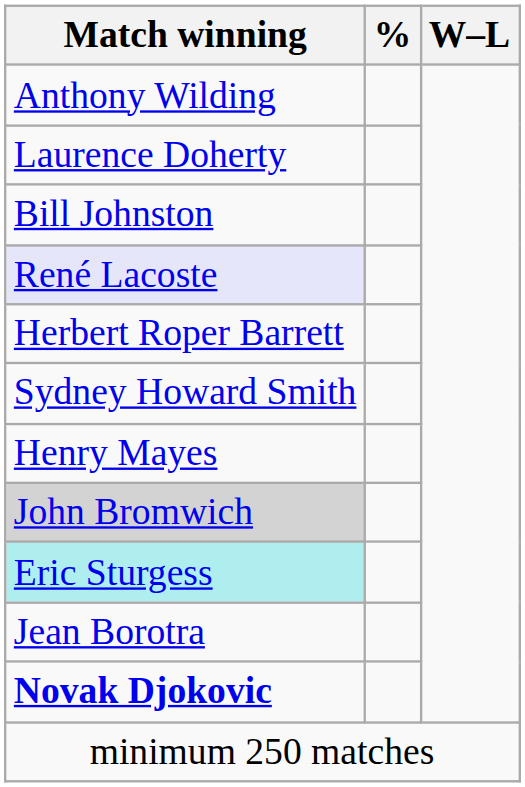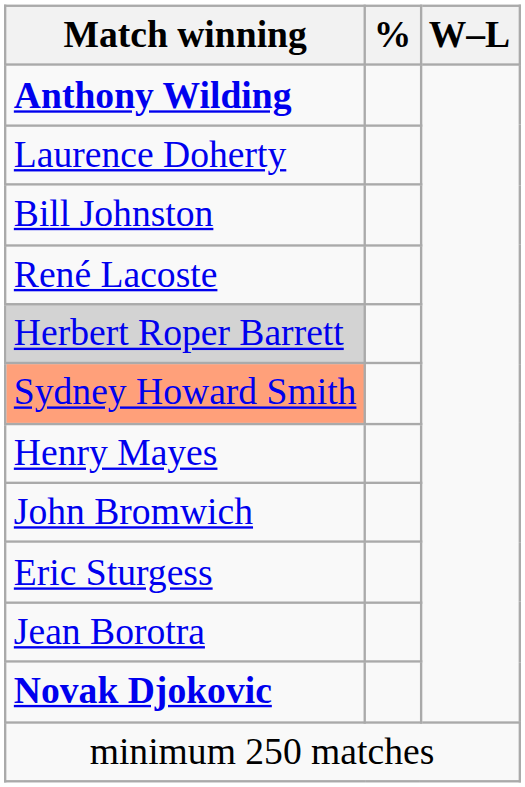 <table class=wikitable style="display:inline-table;">
 <tr>
 <th>Match winning</th>
 <th>%</th>
 <th>W–L</th>
 </tr>
 <tr>
-<td> <a href='#'>Anthony Wilding</a></td>
+<td><strong> <a href='#'>Anthony Wilding</a></strong></td>
 <td></td>
 </tr>
 <tr>
 <td> <a href='#'>Laurence Doherty</a></td>
 <td></td>
 </tr>
 <tr>
 <td> <a href='#'>Bill Johnston</a></td>
 <td></td>
 </tr>
 <tr>
-<td style="background: lavender;"> <a href='#'>René Lacoste</a></td>
+<td> <a href='#'>René Lacoste</a></td>
 <td></td>
 </tr>
 <tr>
-<td> <a href='#'>Herbert Roper Barrett</a></td>
+<td style="background: lightgrey;"> <a href='#'>Herbert Roper Barrett</a></td>
 <td></td>
 </tr>
 <tr>
-<td> <a href='#'>Sydney Howard Smith</a></td>
+<td style="background: lightsalmon;"> <a href='#'>Sydney Howard Smith</a></td>
 <td></td>
 </tr>
 <tr>
 <td> <a href='#'>Henry Mayes</a></td>
 <td></td>
 </tr>
 <tr>
-<td style="background: lightgrey;"> <a href='#'>John Bromwich</a></td>
+<td> <a href='#'>John Bromwich</a></td>
 <td></td>
 </tr>
 <tr>
-<td style="background: paleturquoise;"> <a href='#'>Eric Sturgess</a></td>
+<td> <a href='#'>Eric Sturgess</a></td>
 <td></td>
 </tr>
 <tr>
 <td> <a href='#'>Jean Borotra</a></td>
 <td></td>
 </tr>
 <tr>
 <td> <strong><a href='#'>Novak Djokovic</a></strong></td>
 <td></td>
 </tr>
 <tr>
 <td colspan="3" style="text-align:center;">minimum 250 matches</td>
 </tr>
 </table>
